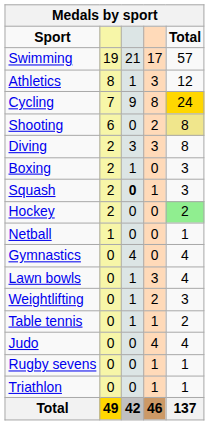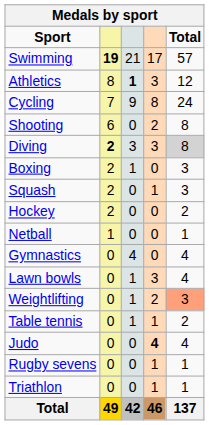 <table class="wikitable" style="font-size:85%; float:right;">
 <tr>
 <th colspan=5>Medals by sport</th>
 </tr>
 <tr align=center>
 <td><strong>Sport</strong></td>
 <td bgcolor=#f7f6a8></td>
 <td bgcolor=#dce5e5></td>
 <td bgcolor=#ffdab9></td>
 <td><strong>Total</strong></td>
 </tr>
 <tr align=center>
 <td align=left><a href='#'>Swimming</a></td>
-<td bgcolor=#f7f6a8>19</td>
+<td bgcolor=#f7f6a8><strong>19</strong></td>
 <td bgcolor=#dce5e5>21</td>
 <td bgcolor=#ffdab9>17</td>
 <td>57</td>
 </tr>
 <tr align=center>
 <td align=left><a href='#'>Athletics</a></td>
 <td bgcolor=#f7f6a8>8</td>
-<td bgcolor=#dce5e5>1</td>
+<td bgcolor=#dce5e5><strong>1</strong></td>
 <td bgcolor=#ffdab9>3</td>
 <td>12</td>
 </tr>
 <tr align=center>
 <td align=left><a href='#'>Cycling</a></td>
 <td bgcolor=#f7f6a8>7</td>
 <td bgcolor=#dce5e5>9</td>
 <td bgcolor=#ffdab9>8</td>
-<td style="background: gold;">24</td>
+<td>24</td>
 </tr>
 <tr align=center>
 <td align=left><a href='#'>Shooting</a></td>
 <td bgcolor=#f7f6a8>6</td>
 <td bgcolor=#dce5e5>0</td>
 <td bgcolor=#ffdab9>2</td>
-<td style="background: khaki;">8</td>
+<td>8</td>
 </tr>
 <tr align=center>
 <td align=left><a href='#'>Diving</a></td>
-<td bgcolor=#f7f6a8>2</td>
+<td bgcolor=#f7f6a8><strong>2</strong></td>
 <td bgcolor=#dce5e5>3</td>
 <td bgcolor=#ffdab9>3</td>
-<td>8</td>
+<td style="background: lightgrey;">8</td>
 </tr>
 <tr align=center>
 <td align=left><a href='#'>Boxing</a></td>
 <td bgcolor=#f7f6a8>2</td>
 <td bgcolor=#dce5e5>1</td>
 <td bgcolor=#ffdab9>0</td>
 <td>3</td>
 </tr>
 <tr align=center>
 <td align=left><a href='#'>Squash</a></td>
 <td bgcolor=#f7f6a8>2</td>
-<td bgcolor=#dce5e5><strong>0</strong></td>
+<td bgcolor=#dce5e5>0</td>
 <td bgcolor=#ffdab9>1</td>
 <td>3</td>
 </tr>
 <tr align=center>
 <td align=left><a href='#'>Hockey</a></td>
 <td bgcolor=#f7f6a8>2</td>
 <td bgcolor=#dce5e5>0</td>
 <td bgcolor=#ffdab9>0</td>
-<td style="background: lightgreen;">2</td>
+<td>2</td>
 </tr>
 <tr align=center>
 <td align=left><a href='#'>Netball</a></td>
 <td bgcolor=#f7f6a8>1</td>
 <td bgcolor=#dce5e5>0</td>
 <td bgcolor=#ffdab9>0</td>
 <td>1</td>
 </tr>
 <tr align=center>
 <td align=left><a href='#'>Gymnastics</a></td>
 <td bgcolor=#f7f6a8>0</td>
 <td bgcolor=#dce5e5>4</td>
 <td bgcolor=#ffdab9>0</td>
 <td>4</td>
 </tr>
 <tr align=center>
 <td align=left><a href='#'>Lawn bowls</a></td>
 <td bgcolor=#f7f6a8>0</td>
 <td bgcolor=#dce5e5>1</td>
 <td bgcolor=#ffdab9>3</td>
 <td>4</td>
 </tr>
 <tr align=center>
 <td align=left><a href='#'>Weightlifting</a></td>
 <td bgcolor=#f7f6a8>0</td>
 <td bgcolor=#dce5e5>1</td>
 <td bgcolor=#ffdab9>2</td>
-<td>3</td>
+<td style="background: lightsalmon;">3</td>
 </tr>
 <tr align=center>
 <td align=left><a href='#'>Table tennis</a></td>
 <td bgcolor=#f7f6a8>0</td>
 <td bgcolor=#dce5e5>1</td>
 <td bgcolor=#ffdab9>1</td>
 <td>2</td>
 </tr>
 <tr align=center>
 <td align=left><a href='#'>Judo</a></td>
 <td bgcolor=#f7f6a8>0</td>
 <td bgcolor=#dce5e5>0</td>
-<td bgcolor=#ffdab9>4</td>
+<td bgcolor=#ffdab9><strong>4</strong></td>
 <td>4</td>
 </tr>
 <tr align=center>
 <td align=left><a href='#'>Rugby sevens</a></td>
 <td bgcolor=#f7f6a8>0</td>
 <td bgcolor=#dce5e5>0</td>
 <td bgcolor=#ffdab9>1</td>
 <td>1</td>
 </tr>
 <tr align=center>
 <td align=left><a href='#'>Triathlon</a></td>
 <td bgcolor=#f7f6a8>0</td>
 <td bgcolor=#dce5e5>0</td>
 <td bgcolor=#ffdab9>1</td>
 <td>1</td>
 </tr>
 <tr align=center>
 <th bgcolor=#efefef>Total</th>
 <th style="background:gold;">49</th>
 <th style="background:silver;">42</th>
 <th style="background:#c96;">46</th>
 <th>137</th>
 </tr>
 </table>
